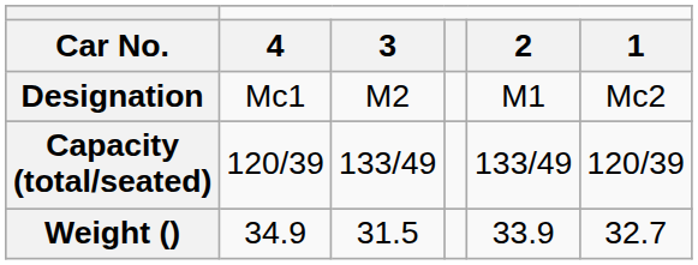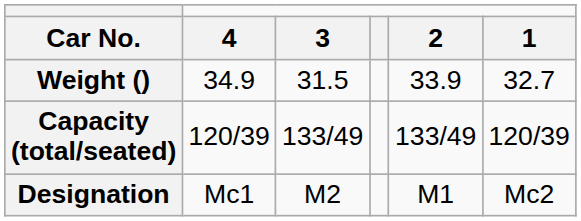 <table class="wikitable" style="text-align:center">
 <tr style="border-bottom: 4px solid #">
 <th></th>
 <td colspan="5"> </td>
 </tr>
 <tr>
 <th>Car No.</th>
 <th>4</th>
 <th>3</th>
 <th> </th>
 <th>2</th>
 <th>1</th>
 </tr>
 <tr>
-<th>Designation</th>
-<td>Mc1</td>
-<td>M2</td>
+<th>Weight ()</th>
+<td>34.9</td>
+<td>31.5</td>
 <td> </td>
-<td>M1</td>
-<td>Mc2</td>
+<td>33.9</td>
+<td>32.7</td>
 </tr>
 <tr>
 <th>Capacity<br>(total/seated)</th>
 <td>120/39</td>
 <td>133/49</td>
 <td> </td>
 <td>133/49</td>
 <td>120/39</td>
 </tr>
 <tr>
-<th>Weight ()</th>
-<td>34.9</td>
-<td>31.5</td>
+<th>Designation</th>
+<td>Mc1</td>
+<td>M2</td>
 <td> </td>
-<td>33.9</td>
-<td>32.7</td>
+<td>M1</td>
+<td>Mc2</td>
 </tr>
 </table>
